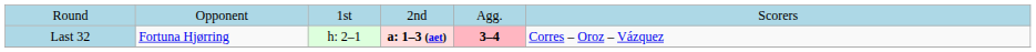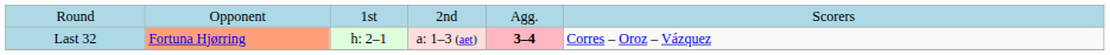 <table class="wikitable" style="text-align:center">
 <tr bgcolor=lightblue>
 <td width=150px>Round</td>
 <td width=200px>Opponent</td>
 <td width=80px>1st</td>
 <td width=80px>2nd</td>
 <td width=80px>Agg.</td>
 <td width=600px>Scorers</td>
 </tr>
 <tr>
 <td bgcolor=lightblue>Last 32</td>
-<td align=left> <a href='#'>Fortuna Hjørring</a></td>
+<td align=left style="background: lightsalmon;"> <a href='#'>Fortuna Hjørring</a></td>
 <td bgcolor="#ddffdd">h: 2–1</td>
-<td bgcolor="#ffdddd"><strong>a: 1–3 <small>(<a href='#'>aet</a>)</small></strong></td>
+<td bgcolor="#ffdddd">a: 1–3 <small>(<a href='#'>aet</a>)</small></td>
 <td bgcolor=lightpink><strong>3–4</strong></td>
 <td align=left><a href='#'>Corres</a> – <a href='#'>Oroz</a> – <a href='#'>Vázquez</a></td>
 </tr>
 <tr>
 </tr>
 </table>
